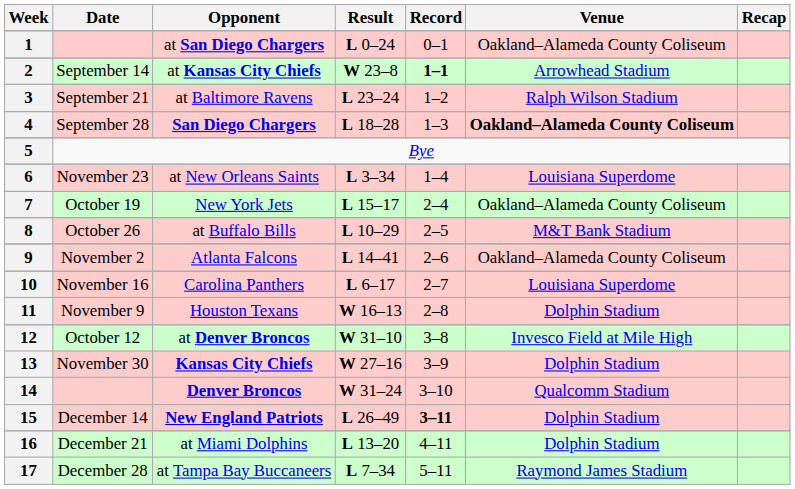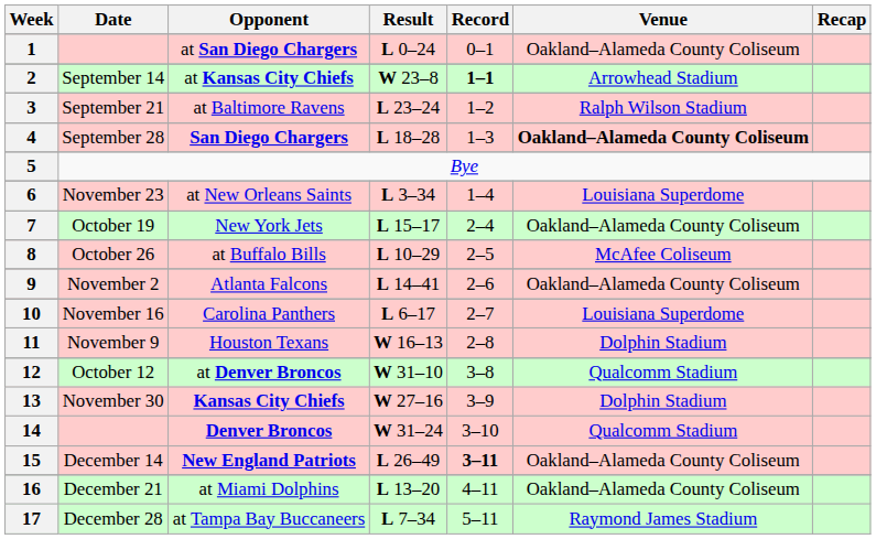 <table class="wikitable">
 <tr>
 <th>Week</th>
 <th>Date</th>
 <th>Opponent</th>
 <th>Result</th>
 <th>Record</th>
 <th>Venue</th>
 <th>Recap</th>
 </tr>
 <tr>
 </tr>
 <tr align="center" bgcolor="#fcc">
 <th>1</th>
 <td></td>
 <td>at <strong><a href='#'>San Diego Chargers</a></strong></td>
 <td><strong>L</strong> 0–24</td>
 <td>0–1</td>
 <td>Oakland–Alameda County Coliseum</td>
 <td align=center colspan="1"></td>
 </tr>
 <tr>
 </tr>
 <tr align="center" bgcolor="#cfc">
 <th>2</th>
 <td>September 14</td>
 <td>at <strong><a href='#'>Kansas City Chiefs</a></strong></td>
 <td><strong>W</strong> 23–8</td>
 <td><strong>1–1</strong></td>
 <td><a href='#'>Arrowhead Stadium</a></td>
 <td align=center colspan="1"></td>
 </tr>
 <tr>
 </tr>
 <tr align="center" bgcolor="#fcc">
 <th>3</th>
 <td>September 21</td>
 <td>at <a href='#'>Baltimore Ravens</a></td>
 <td><strong>L</strong> 23–24</td>
 <td>1–2</td>
 <td><a href='#'>Ralph Wilson Stadium</a></td>
 <td align=center colspan="1"></td>
 </tr>
 <tr>
 </tr>
 <tr align="center" bgcolor="#fcc">
 <th>4</th>
 <td>September 28</td>
 <td><strong><a href='#'>San Diego Chargers</a></strong></td>
 <td><strong>L</strong> 18–28</td>
 <td>1–3</td>
 <td><strong>Oakland–Alameda County Coliseum</strong></td>
 <td align=center colspan="1"></td>
 </tr>
 <tr>
 </tr>
 <tr align="center">
 <th>5</th>
 <td colspan=8><em><a href='#'>Bye</a></em></td>
 </tr>
 <tr>
 </tr>
 <tr align="center" bgcolor="#fcc">
 <th>6</th>
 <td>November 23</td>
 <td>at <a href='#'>New Orleans Saints</a></td>
 <td><strong>L</strong> 3–34</td>
 <td>1–4</td>
 <td><a href='#'>Louisiana Superdome</a></td>
 <td align=center colspan="1"></td>
 </tr>
 <tr>
 </tr>
 <tr align="center" bgcolor="#cfc">
 <th>7</th>
 <td>October 19</td>
 <td><a href='#'>New York Jets</a></td>
 <td><strong>L</strong> 15–17</td>
 <td>2–4</td>
 <td>Oakland–Alameda County Coliseum</td>
 <td align=center colspan="1"></td>
 </tr>
 <tr>
 </tr>
 <tr align="center" bgcolor="#fcc">
 <th>8</th>
 <td>October 26</td>
 <td>at <a href='#'>Buffalo Bills</a></td>
 <td><strong>L</strong> 10–29</td>
 <td>2–5</td>
-<td><a href='#'>M&T Bank Stadium</a></td>
+<td><a href='#'>McAfee Coliseum</a></td>
 <td align=center colspan="1"></td>
 </tr>
 <tr>
 </tr>
 <tr align="center" bgcolor="#fcc">
 <th>9</th>
 <td>November 2</td>
 <td><a href='#'>Atlanta Falcons</a></td>
 <td><strong>L</strong> 14–41</td>
 <td>2–6</td>
 <td>Oakland–Alameda County Coliseum</td>
 <td align=center colspan="1"></td>
 </tr>
 <tr>
 </tr>
 <tr align="center" bgcolor="#fcc">
 <th>10</th>
 <td>November 16</td>
 <td><a href='#'>Carolina Panthers</a></td>
 <td><strong>L</strong> 6–17</td>
 <td>2–7</td>
 <td><a href='#'>Louisiana Superdome</a></td>
 <td align=center colspan="1"></td>
 </tr>
 <tr>
 </tr>
 <tr align="center" bgcolor="#fcc">
 <th>11</th>
 <td>November 9</td>
 <td><a href='#'>Houston Texans</a></td>
 <td><strong>W</strong> 16–13</td>
 <td>2–8</td>
 <td><a href='#'>Dolphin Stadium</a></td>
 <td align=center colspan="1"></td>
 </tr>
 <tr>
 </tr>
 <tr align="center" bgcolor="#cfc">
 <th>12</th>
 <td>October 12</td>
 <td>at <strong><a href='#'>Denver Broncos</a></strong></td>
 <td><strong>W</strong> 31–10</td>
 <td>3–8</td>
-<td><a href='#'>Invesco Field at Mile High</a></td>
+<td><a href='#'>Qualcomm Stadium</a></td>
 <td align=center colspan="1"></td>
 </tr>
 <tr align="center" bgcolor="#fcc">
 <th>13</th>
 <td>November 30</td>
 <td><strong><a href='#'>Kansas City Chiefs</a></strong></td>
 <td><strong>W</strong> 27–16</td>
 <td>3–9</td>
 <td><a href='#'>Dolphin Stadium</a></td>
 <td align=center colspan="1"></td>
 </tr>
 <tr align="center" bgcolor="#fcc">
 <th>14</th>
 <td></td>
 <td><strong><a href='#'>Denver Broncos</a></strong></td>
 <td><strong>W</strong> 31–24</td>
 <td>3–10</td>
 <td><a href='#'>Qualcomm Stadium</a></td>
 <td align=center colspan="1"></td>
 </tr>
 <tr align="center" bgcolor="#fcc">
 <th>15</th>
 <td>December 14</td>
 <td><strong><a href='#'>New England Patriots</a></strong></td>
 <td><strong>L</strong> 26–49</td>
 <td><strong>3–11</strong></td>
-<td><a href='#'>Dolphin Stadium</a></td>
+<td>Oakland–Alameda County Coliseum</td>
 <td align=center colspan="1"></td>
 </tr>
 <tr>
 </tr>
 <tr align="center" bgcolor="#cfc">
 <th>16</th>
 <td>December 21</td>
 <td>at <a href='#'>Miami Dolphins</a></td>
 <td><strong>L</strong> 13–20</td>
 <td>4–11</td>
-<td><a href='#'>Dolphin Stadium</a></td>
+<td>Oakland–Alameda County Coliseum</td>
 <td align=colter colspan="1"></td>
 </tr>
 <tr align="center" bgcolor="#cfc">
 <th>17</th>
 <td>December 28</td>
 <td>at <a href='#'>Tampa Bay Buccaneers</a></td>
 <td><strong>L</strong> 7–34</td>
 <td>5–11</td>
 <td><a href='#'>Raymond James Stadium</a></td>
 <td aligh=center colspan="1"></td>
 </tr>
 </table>
